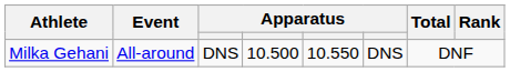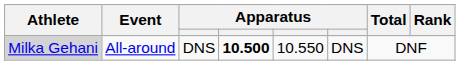 <table class="wikitable" style="font-size:90%">
 <tr>
 <th rowspan=2>Athlete</th>
 <th rowspan=2>Event</th>
 <th colspan=4>Apparatus</th>
 <th rowspan=2>Total</th>
 <th rowspan=2>Rank</th>
 </tr>
 <tr style="font-size:95%">
 <th></th>
 <th></th>
 <th></th>
 <th></th>
 </tr>
 <tr align=center>
-<td align=left><a href='#'>Milka Gehani</a></td>
+<td align=left style="background: lightgrey;"><a href='#'>Milka Gehani</a></td>
 <td align=left><a href='#'>All-around</a></td>
 <td>DNS</td>
-<td>10.500</td>
+<td><strong>10.500</strong></td>
 <td>10.550</td>
 <td>DNS</td>
 <td colspan=2>DNF</td>
 </tr>
 </table>
